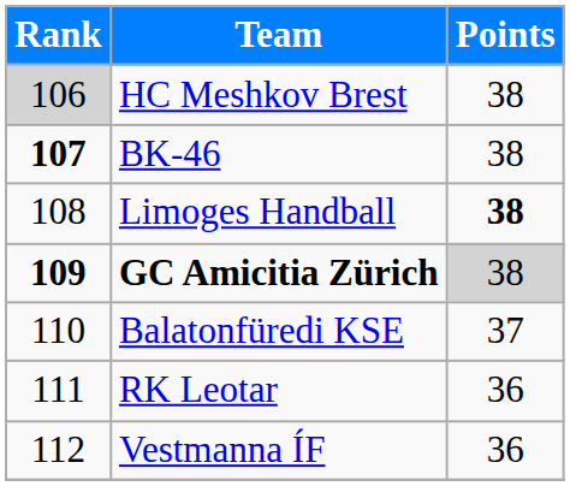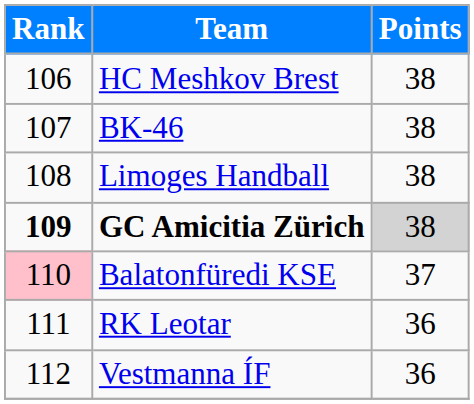 <table class="wikitable" style="text-align: center;">
 <tr>
 <th style="color:#FFFFFF; background:#0080FF">Rank</th>
 <th style="color:#FFFFFF; background:#0080FF">Team</th>
 <th style="color:#FFFFFF; background:#0080FF">Points</th>
 </tr>
 <tr>
-<td style="background: lightgrey;">106</td>
+<td>106</td>
 <td align=left> <a href='#'>HC Meshkov Brest</a></td>
 <td>38</td>
 </tr>
 <tr>
-<td><strong>107</strong></td>
+<td>107</td>
 <td align=left> <a href='#'>BK-46</a></td>
 <td>38</td>
 </tr>
 <tr>
 <td>108</td>
 <td align=left> <a href='#'>Limoges Handball</a></td>
-<td><strong>38</strong></td>
+<td>38</td>
 </tr>
 <tr>
 <td><strong>109</strong></td>
 <td align=left> <strong>GC Amicitia Zürich</strong></td>
 <td style="background: lightgrey;">38</td>
 </tr>
 <tr>
-<td>110</td>
+<td style="background: pink;">110</td>
 <td align=left> <a href='#'>Balatonfüredi KSE</a></td>
 <td>37</td>
 </tr>
 <tr>
 <td>111</td>
 <td align=left> <a href='#'>RK Leotar</a></td>
 <td>36</td>
 </tr>
 <tr>
 <td>112</td>
 <td align=left> <a href='#'>Vestmanna ÍF</a></td>
 <td>36</td>
 </tr>
 <tr>
 </tr>
 </table>
